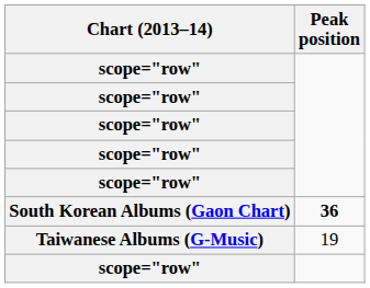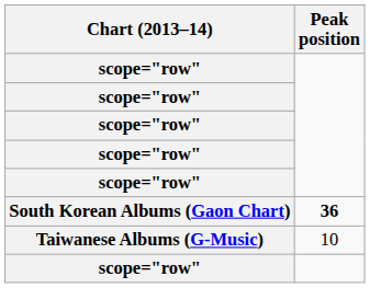 <table class="wikitable sortable plainrowheaders" style="text-align:center">
 <tr>
 <th scope="col">Chart (2013–14)</th>
 <th scope="col">Peak<br>position</th>
 </tr>
 <tr>
 <th>scope="row"</th>
 </tr>
 <tr>
 <th>scope="row"</th>
 </tr>
 <tr>
 <th>scope="row"</th>
 </tr>
 <tr>
 <th>scope="row"</th>
 </tr>
 <tr>
 <th>scope="row"</th>
 </tr>
 <tr>
 <th scope="row">South Korean Albums (<a href='#'>Gaon Chart</a>)</th>
 <td style="text-align:center;"><strong>36</strong></td>
 </tr>
 <tr>
 <th scope="row">Taiwanese Albums (<a href='#'>G-Music</a>)</th>
-<td style="text-align:center;">19</td>
+<td style="text-align:center;">10</td>
 </tr>
 <tr>
 <th>scope="row"</th>
 </tr>
 </table>
